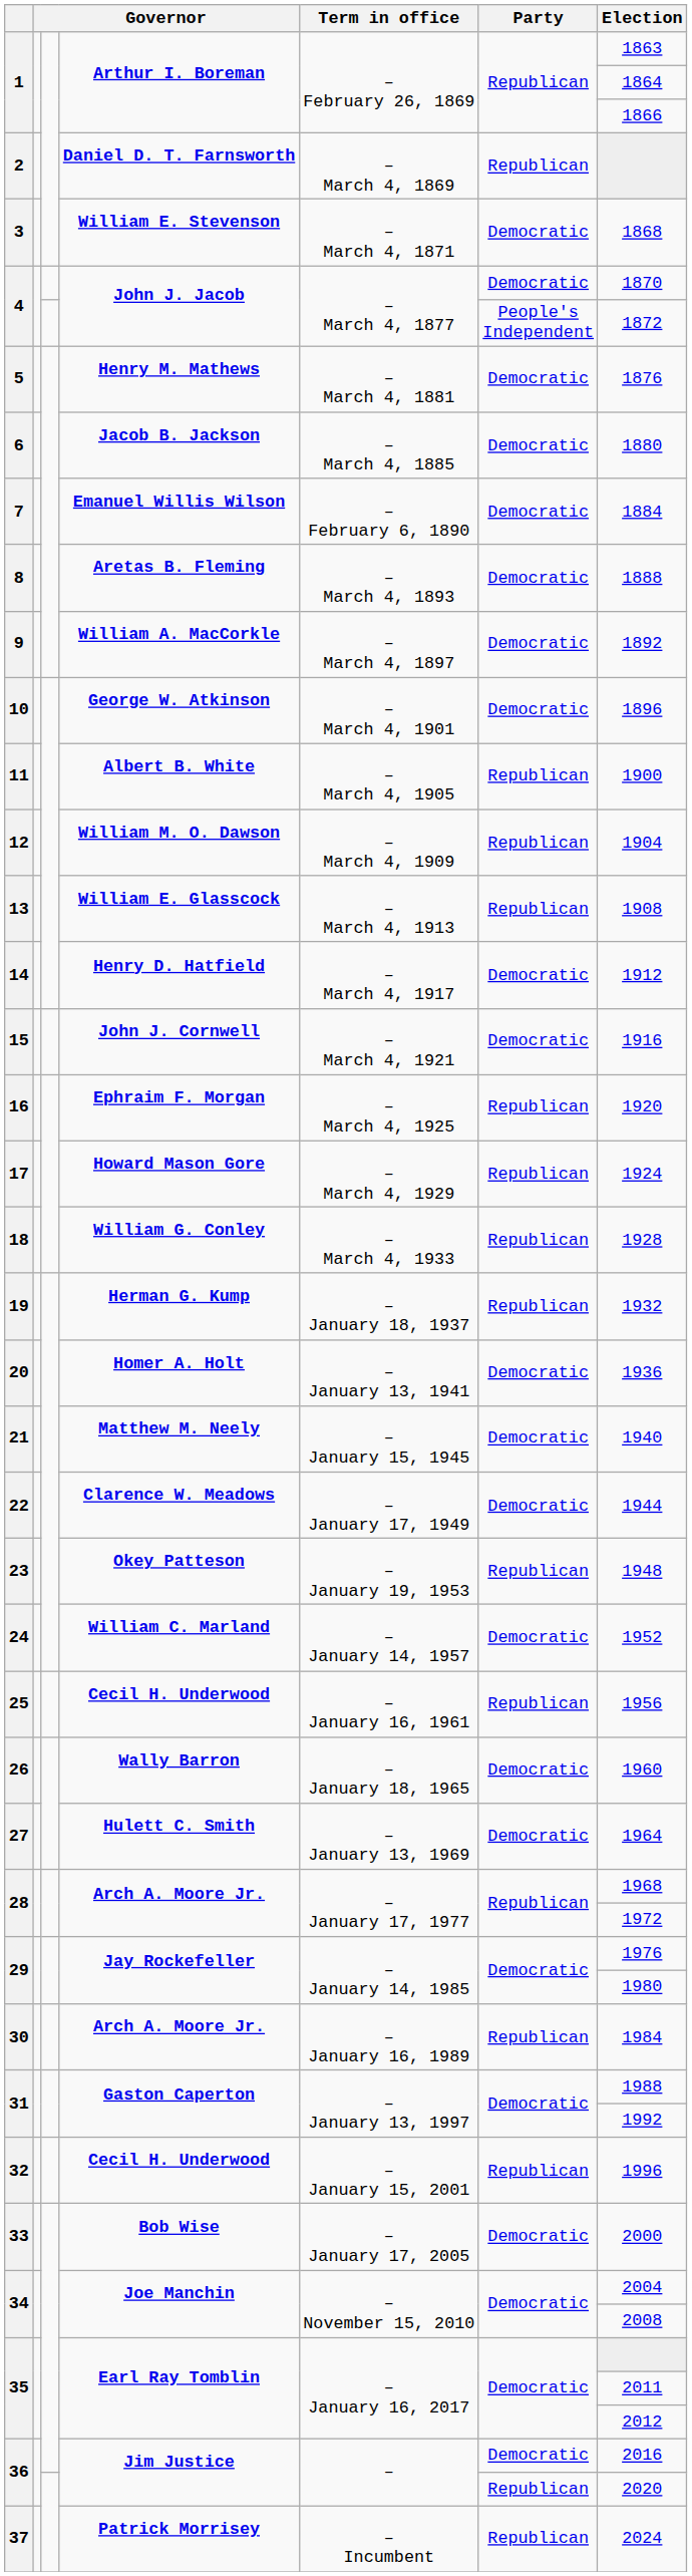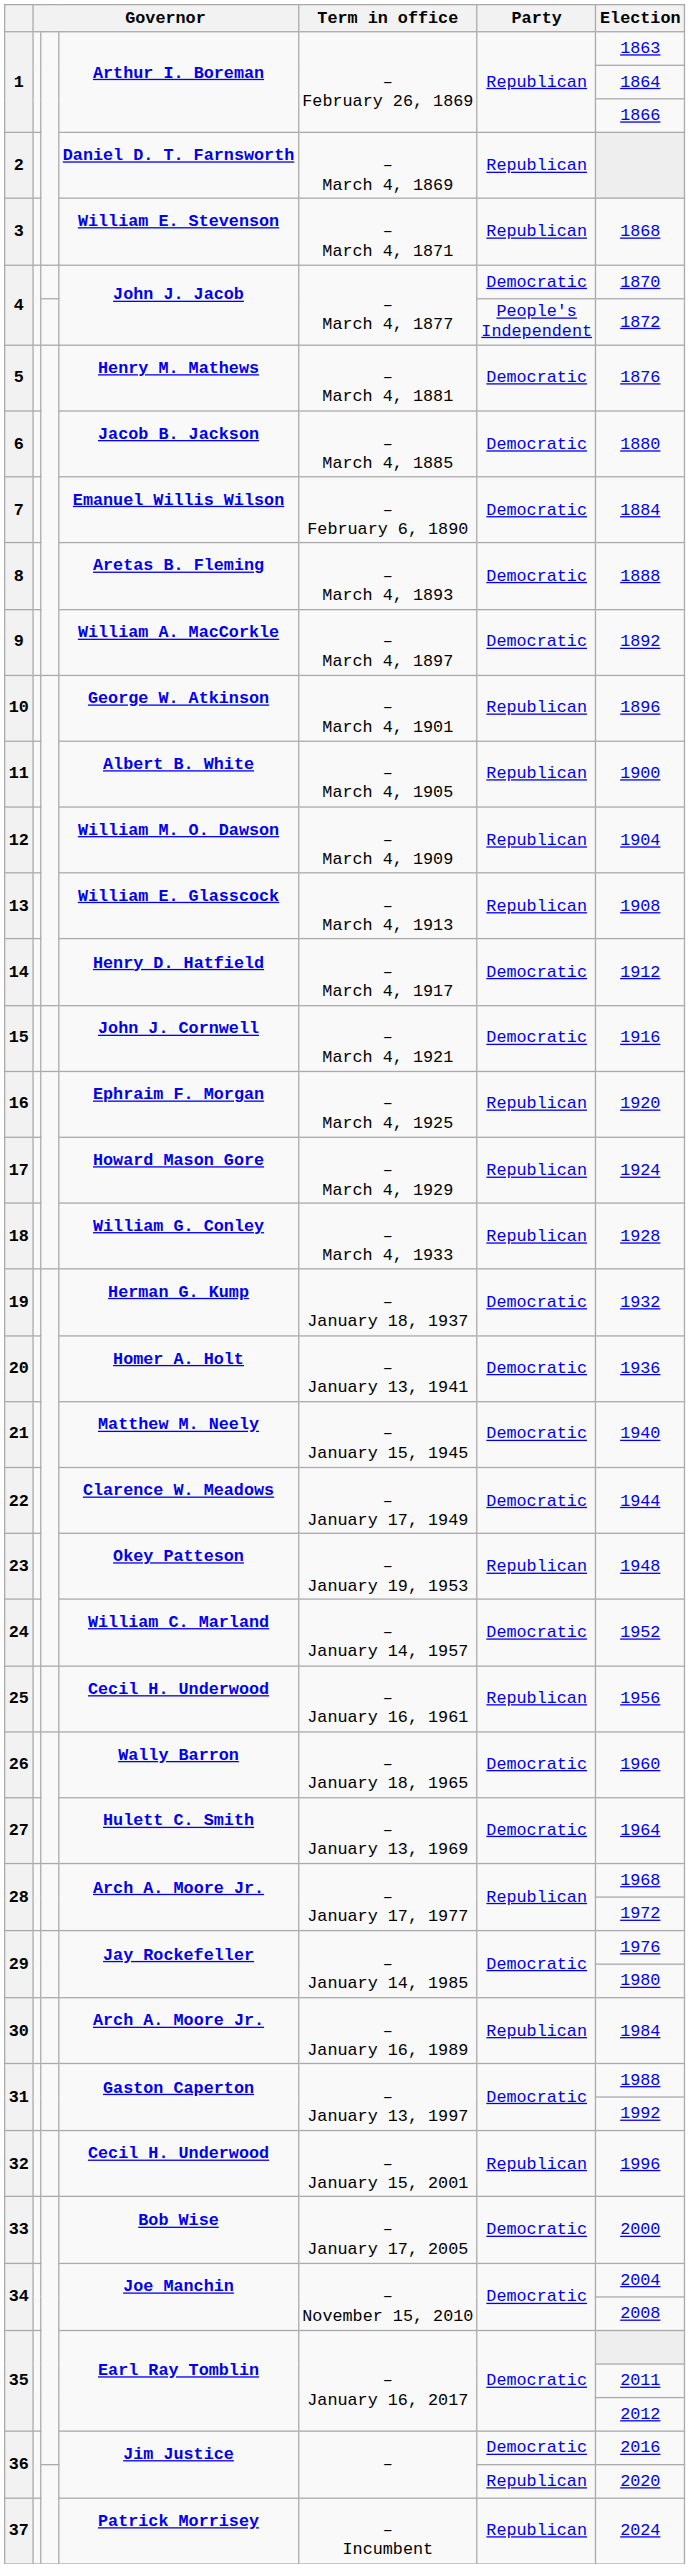 <table class="wikitable sortable mw-collapsible sticky-header-multi" style="text-align:center;">
 <tr>
 <th scope="col" data-sort-type="number"></th>
 <th scope="colgroup" colspan="3">Governor</th>
 <th scope="col">Term in office</th>
 <th scope="col">Party</th>
 <th scope="col">Election</th>
 </tr>
 <tr style="height:2em;">
 <th rowspan="3" scope="rowgroup">1</th>
 <td rowspan="3" data-sort-value="Boreman, Arthur"></td>
 <td rowspan="5" style="background:"> </td>
 <td rowspan="3"><strong><a href='#'>Arthur I. Boreman</a></strong><br><br></td>
 <td rowspan="3"><br>–<br>February 26, 1869<br></td>
 <td rowspan="3"><a href='#'>Republican</a></td>
 <td><a href='#'>1863</a></td>
 </tr>
 <tr style="height:2em;">
 <td><a href='#'>1864</a></td>
 </tr>
 <tr style="height:2em;">
 <td><a href='#'>1866</a></td>
 </tr>
 <tr style="height:2em;">
 <th scope="row">2</th>
 <td data-sort-value="Farnsworth, Daniel"></td>
 <td><strong><a href='#'>Daniel D. T. Farnsworth</a></strong><br><br></td>
 <td><br>–<br>March 4, 1869<br></td>
 <td><a href='#'>Republican</a></td>
 <td style="background:#EEEEEE;"></td>
 </tr>
 <tr style="height:2em;">
 <th scope="row">3</th>
 <td data-sort-value="Stevenson, William"></td>
 <td><strong><a href='#'>William E. Stevenson</a></strong><br><br></td>
 <td><br>–<br>March 4, 1871<br></td>
-<td><a href='#'>Democratic</a></td>
+<td><a href='#'>Republican</a></td>
 <td><a href='#'>1868</a></td>
 </tr>
 <tr style="height:2em;">
 <th rowspan="2" scope="rowgroup">4</th>
 <td rowspan="2" data-sort-value="Jacob, John"></td>
 <td style="color:inherit;background:"></td>
 <td rowspan="2"><strong><a href='#'>John J. Jacob</a></strong><br><br></td>
 <td rowspan="2"><br>–<br>March 4, 1877<br></td>
 <td><a href='#'>Democratic</a></td>
 <td><a href='#'>1870</a></td>
 </tr>
 <tr style="height:2em;">
 <td style="color:inherit;background:"></td>
 <td><a href='#'>People's<br>Independent</a></td>
 <td><a href='#'>1872</a></td>
 </tr>
 <tr style="height:2em;">
 <th scope="row">5</th>
 <td data-sort-value="Mathews, Henry"></td>
 <td rowspan="5" style="color:inherit;background:"></td>
 <td><strong><a href='#'>Henry M. Mathews</a></strong><br><br></td>
 <td><br>–<br>March 4, 1881<br></td>
 <td><a href='#'>Democratic</a></td>
 <td><a href='#'>1876</a></td>
 </tr>
 <tr style="height:2em;">
 <th scope="row">6</th>
 <td data-sort-value="Jackson, Jacob"></td>
 <td><strong><a href='#'>Jacob B. Jackson</a></strong><br><br></td>
 <td><br>–<br>March 4, 1885<br></td>
 <td><a href='#'>Democratic</a></td>
 <td><a href='#'>1880</a></td>
 </tr>
 <tr style="height:2em;">
 <th scope="row">7</th>
 <td data-sort-value="Wilson, Emanuel"></td>
 <td><strong><a href='#'>Emanuel Willis Wilson</a></strong><br><br></td>
 <td><br>–<br>February 6, 1890<br></td>
 <td><a href='#'>Democratic</a></td>
 <td><a href='#'>1884</a></td>
 </tr>
 <tr style="height:2em;">
 <th scope="row">8</th>
 <td data-sort-value="Fleming, Aretas"></td>
 <td><strong><a href='#'>Aretas B. Fleming</a></strong><br><br></td>
 <td><br>–<br>March 4, 1893<br></td>
 <td><a href='#'>Democratic</a></td>
 <td><a href='#'>1888</a></td>
 </tr>
 <tr style="height:2em;">
 <th scope="row">9</th>
 <td data-sort-value="MacCorkle, William"></td>
 <td><strong><a href='#'>William A. MacCorkle</a></strong><br><br></td>
 <td><br>–<br>March 4, 1897<br></td>
 <td><a href='#'>Democratic</a></td>
 <td><a href='#'>1892</a></td>
 </tr>
 <tr style="height:2em;">
 <th scope="row">10</th>
 <td data-sort-value="Atkinson, George"></td>
 <td rowspan="5" style="color:inherit;background:"></td>
 <td><strong><a href='#'>George W. Atkinson</a></strong><br><br></td>
 <td><br>–<br>March 4, 1901<br></td>
-<td><a href='#'>Democratic</a></td>
+<td><a href='#'>Republican</a></td>
 <td><a href='#'>1896</a></td>
 </tr>
 <tr style="height:2em;">
 <th scope="row">11</th>
 <td data-sort-value="White, Albert"></td>
 <td><strong><a href='#'>Albert B. White</a></strong><br><br></td>
 <td><br>–<br>March 4, 1905<br></td>
 <td><a href='#'>Republican</a></td>
 <td><a href='#'>1900</a></td>
 </tr>
 <tr style="height:2em;">
 <th scope="row">12</th>
 <td data-sort-value="Dawson, William"></td>
 <td><strong><a href='#'>William M. O. Dawson</a></strong><br><br></td>
 <td><br>–<br>March 4, 1909<br></td>
 <td><a href='#'>Republican</a></td>
 <td><a href='#'>1904</a></td>
 </tr>
 <tr style="height:2em;">
 <th scope="row">13</th>
 <td data-sort-value="Glasscock, William"></td>
 <td><strong><a href='#'>William E. Glasscock</a></strong><br><br></td>
 <td><br>–<br>March 4, 1913<br></td>
 <td><a href='#'>Republican</a></td>
 <td><a href='#'>1908</a></td>
 </tr>
 <tr style="height:2em;">
 <th scope="row">14</th>
 <td data-sort-value="Hatfield, Henry"></td>
 <td><strong><a href='#'>Henry D. Hatfield</a></strong><br><br></td>
 <td><br>–<br>March 4, 1917<br></td>
 <td><a href='#'>Democratic</a></td>
 <td><a href='#'>1912</a></td>
 </tr>
 <tr style="height:2em;">
 <th scope="row">15</th>
 <td data-sort-value="Cornwell, John"></td>
 <td style="color:inherit;background:"></td>
 <td><strong><a href='#'>John J. Cornwell</a></strong><br><br></td>
 <td><br>–<br>March 4, 1921<br></td>
 <td><a href='#'>Democratic</a></td>
 <td><a href='#'>1916</a></td>
 </tr>
 <tr style="height:2em;">
 <th scope="row">16</th>
 <td data-sort-value="Morgan, Ephraim"></td>
 <td rowspan="3" style="color:inherit;background:"></td>
 <td><strong><a href='#'>Ephraim F. Morgan</a></strong><br><br></td>
 <td><br>–<br>March 4, 1925<br></td>
 <td><a href='#'>Republican</a></td>
 <td><a href='#'>1920</a></td>
 </tr>
 <tr style="height:2em;">
 <th scope="row">17</th>
 <td data-sort-value="Gore, Howard"></td>
 <td><strong><a href='#'>Howard Mason Gore</a></strong><br><br></td>
 <td><br>–<br>March 4, 1929<br></td>
 <td><a href='#'>Republican</a></td>
 <td><a href='#'>1924</a></td>
 </tr>
 <tr style="height:2em;">
 <th scope="row">18</th>
 <td data-sort-value="Conley, William"></td>
 <td><strong><a href='#'>William G. Conley</a></strong><br><br></td>
 <td><br>–<br>March 4, 1933<br></td>
 <td><a href='#'>Republican</a></td>
 <td><a href='#'>1928</a></td>
 </tr>
 <tr style="height:2em;">
 <th scope="row">19</th>
 <td data-sort-value="Kump, Herman"></td>
 <td rowspan="6" style="color:inherit;background:"></td>
 <td><strong><a href='#'>Herman G. Kump</a></strong><br><br></td>
 <td><br>–<br>January 18, 1937<br></td>
-<td><a href='#'>Republican</a></td>
+<td><a href='#'>Democratic</a></td>
 <td><a href='#'>1932</a></td>
 </tr>
 <tr style="height:2em;">
 <th scope="row">20</th>
 <td data-sort-value="Holt, Homer"></td>
 <td><strong><a href='#'>Homer A. Holt</a></strong><br><br></td>
 <td><br>–<br>January 13, 1941<br></td>
 <td><a href='#'>Democratic</a></td>
 <td><a href='#'>1936</a></td>
 </tr>
 <tr style="height:2em;">
 <th scope="row">21</th>
 <td data-sort-value="Neely, Matthew"></td>
 <td><strong><a href='#'>Matthew M. Neely</a></strong><br><br></td>
 <td><br>–<br>January 15, 1945<br></td>
 <td><a href='#'>Democratic</a></td>
 <td><a href='#'>1940</a></td>
 </tr>
 <tr style="height:2em;">
 <th scope="row">22</th>
 <td data-sort-value="Meadows, Clarence"></td>
 <td><strong><a href='#'>Clarence W. Meadows</a></strong><br><br></td>
 <td><br>–<br>January 17, 1949<br></td>
 <td><a href='#'>Democratic</a></td>
 <td><a href='#'>1944</a></td>
 </tr>
 <tr style="height:2em;">
 <th scope="row">23</th>
 <td data-sort-value="Patteson, Okey"></td>
 <td><strong><a href='#'>Okey Patteson</a></strong><br><br></td>
 <td><br>–<br>January 19, 1953<br></td>
 <td><a href='#'>Republican</a></td>
 <td><a href='#'>1948</a></td>
 </tr>
 <tr style="height:2em;">
 <th scope="row">24</th>
 <td data-sort-value="Marland, William"></td>
 <td><strong><a href='#'>William C. Marland</a></strong><br><br></td>
 <td><br>–<br>January 14, 1957<br></td>
 <td><a href='#'>Democratic</a></td>
 <td><a href='#'>1952</a></td>
 </tr>
 <tr style="height:2em;">
 <th scope="row">25</th>
 <td data-sort-value="Underwood, Cecil"></td>
 <td style="color:inherit;background:"></td>
 <td><strong><a href='#'>Cecil H. Underwood</a></strong><br><br></td>
 <td><br>–<br>January 16, 1961<br></td>
 <td><a href='#'>Republican</a></td>
 <td><a href='#'>1956</a></td>
 </tr>
 <tr style="height:2em;">
 <th scope="row">26</th>
 <td data-sort-value="Barron, Wally"></td>
 <td rowspan="2" style="color:inherit;background:"></td>
 <td><strong><a href='#'>Wally Barron</a></strong><br><br></td>
 <td><br>–<br>January 18, 1965<br></td>
 <td><a href='#'>Democratic</a></td>
 <td><a href='#'>1960</a></td>
 </tr>
 <tr style="height:2em;">
 <th scope="row">27</th>
 <td data-sort-value="Smith, Hulett"></td>
 <td><strong><a href='#'>Hulett C. Smith</a></strong><br><br></td>
 <td><br>–<br>January 13, 1969<br></td>
 <td><a href='#'>Democratic</a></td>
 <td><a href='#'>1964</a></td>
 </tr>
 <tr style="height:2em;">
 <th rowspan="2" scope="rowgroup">28</th>
 <td rowspan="2" data-sort-value="Moore, Arch"></td>
 <td rowspan="2" style="color:inherit;background:"></td>
 <td rowspan="2"><strong><a href='#'>Arch A. Moore Jr.</a></strong><br><br></td>
 <td rowspan="2"><br>–<br>January 17, 1977<br></td>
 <td rowspan="2"><a href='#'>Republican</a></td>
 <td><a href='#'>1968</a></td>
 </tr>
 <tr style="height:2em;">
 <td><a href='#'>1972</a></td>
 </tr>
 <tr style="height:2em;">
 <th rowspan="2" scope="rowgroup">29</th>
 <td rowspan="2" data-sort-value="Rockefeller, Jay"></td>
 <td rowspan="2" style="color:inherit;background:"></td>
 <td rowspan="2"><strong><a href='#'>Jay Rockefeller</a></strong><br><br></td>
 <td rowspan="2"><br>–<br>January 14, 1985<br></td>
 <td rowspan="2"><a href='#'>Democratic</a></td>
 <td><a href='#'>1976</a></td>
 </tr>
 <tr style="height:2em;">
 <td><a href='#'>1980</a></td>
 </tr>
 <tr style="height:2em;">
 <th scope="row">30</th>
 <td data-sort-value="Moore, Arch"></td>
 <td style="color:inherit;background:"></td>
 <td><strong><a href='#'>Arch A. Moore Jr.</a></strong><br><br></td>
 <td><br>–<br>January 16, 1989<br></td>
 <td><a href='#'>Republican</a></td>
 <td><a href='#'>1984</a></td>
 </tr>
 <tr style="height:2em;">
 <th rowspan="2" scope="rowgroup">31</th>
 <td rowspan="2" data-sort-value="Caperton, Gaston"></td>
 <td rowspan="2" style="color:inherit;background:"></td>
 <td rowspan="2"><strong><a href='#'>Gaston Caperton</a></strong><br><br></td>
 <td rowspan="2"><br>–<br>January 13, 1997<br></td>
 <td rowspan="2"><a href='#'>Democratic</a></td>
 <td><a href='#'>1988</a></td>
 </tr>
 <tr style="height:2em;">
 <td><a href='#'>1992</a></td>
 </tr>
 <tr style="height:2em;">
 <th scope="row">32</th>
 <td data-sort-value="Underwood, Cecil"></td>
 <td style="background:"> </td>
 <td><strong><a href='#'>Cecil H. Underwood</a></strong><br><br></td>
 <td><br>–<br>January 15, 2001<br></td>
 <td><a href='#'>Republican</a></td>
 <td><a href='#'>1996</a></td>
 </tr>
 <tr style="height:2em;">
 <th scope="row">33</th>
 <td data-sort-value="Wise, Bob"></td>
 <td rowspan="7" style="color:inherit;background:"></td>
 <td><strong><a href='#'>Bob Wise</a></strong><br><br></td>
 <td><br>–<br>January 17, 2005<br></td>
 <td><a href='#'>Democratic</a></td>
 <td><a href='#'>2000</a></td>
 </tr>
 <tr style="height:2em;">
 <th rowspan="2" scope="rowgroup">34</th>
 <td rowspan="2" data-sort-value="Manchin, Joe"></td>
 <td rowspan="2"><strong><a href='#'>Joe Manchin</a></strong><br><br></td>
 <td rowspan="2"><br>–<br>November 15, 2010<br></td>
 <td rowspan="2"><a href='#'>Democratic</a></td>
 <td><a href='#'>2004</a></td>
 </tr>
 <tr style="height:2em;">
 <td><a href='#'>2008</a></td>
 </tr>
 <tr style="height:2em;">
 <th rowspan="3" scope="rowgroup">35</th>
 <td rowspan="3" data-sort-value="Tomblin, Earl"></td>
 <td rowspan="3"><strong><a href='#'>Earl Ray Tomblin</a></strong><br><br></td>
 <td rowspan="3"><br>–<br>January 16, 2017<br></td>
 <td rowspan="3"><a href='#'>Democratic</a></td>
 <td style="background:#EEEEEE;"></td>
 </tr>
 <tr style="height:2em;">
 <td><a href='#'>2011</a><br></td>
 </tr>
 <tr style="height:2em;">
 <td><a href='#'>2012</a></td>
 </tr>
 <tr style="height:2em;">
 <th rowspan="2" scope="rowgroup">36</th>
 <td rowspan="2" data-sort-value="Justice, Jim"></td>
 <td rowspan="2"><strong><a href='#'>Jim Justice</a></strong><br><br></td>
 <td rowspan="2"><br>–<br><br></td>
 <td><a href='#'>Democratic</a></td>
 <td><a href='#'>2016</a></td>
 </tr>
 <tr style="height:2em;">
 <td rowspan="2" style="color:inherit;background:"></td>
 <td><a href='#'>Republican</a></td>
 <td><a href='#'>2020</a></td>
 </tr>
 <tr style="height:2em;">
 <th scope="row">37</th>
 <td data-sort-value="Morrisey, Patrick"></td>
 <td><strong><a href='#'>Patrick Morrisey</a></strong><br><br></td>
 <td><br>–<br>Incumbent</td>
 <td><a href='#'>Republican</a></td>
 <td><a href='#'>2024</a></td>
 </tr>
 </table>
